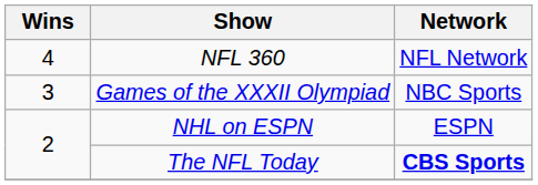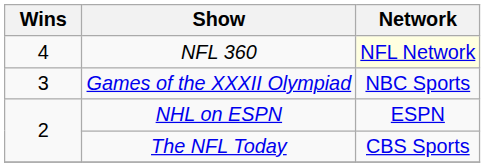 <table class="wikitable floatleft" style="text-align: center;">
 <tr>
 <th scope="col" style="width:55px;">Wins</th>
 <th scope="col" style="text-align:center;">Show</th>
 <th scope="col" style="text-align:center;">Network</th>
 </tr>
 <tr>
 <td scope=row style="text-align:center">4</td>
 <td><em>NFL 360</em></td>
-<td><a href='#'>NFL Network</a></td>
+<td style="background: lightyellow;"><a href='#'>NFL Network</a></td>
 </tr>
 <tr>
 <td scope=row style="text-align:center">3</td>
 <td><em><a href='#'>Games of the XXXII Olympiad</a></em></td>
 <td><a href='#'>NBC Sports</a></td>
 </tr>
 <tr>
 <td rowspan="2" scope=row style="text-align:center">2</td>
 <td><em><a href='#'>NHL on ESPN</a></em></td>
 <td><a href='#'>ESPN</a></td>
 </tr>
 <tr>
 <td><em><a href='#'>The NFL Today</a></em></td>
-<td><strong><a href='#'>CBS Sports</a></strong></td>
+<td><a href='#'>CBS Sports</a></td>
 </tr>
 <tr>
 </tr>
 </table>
